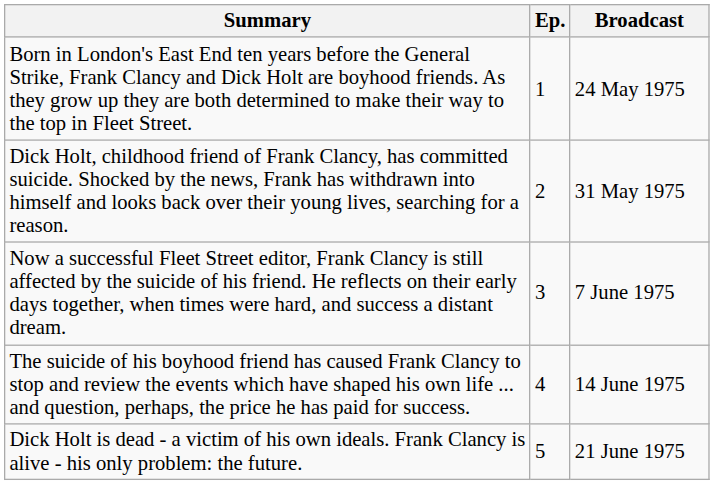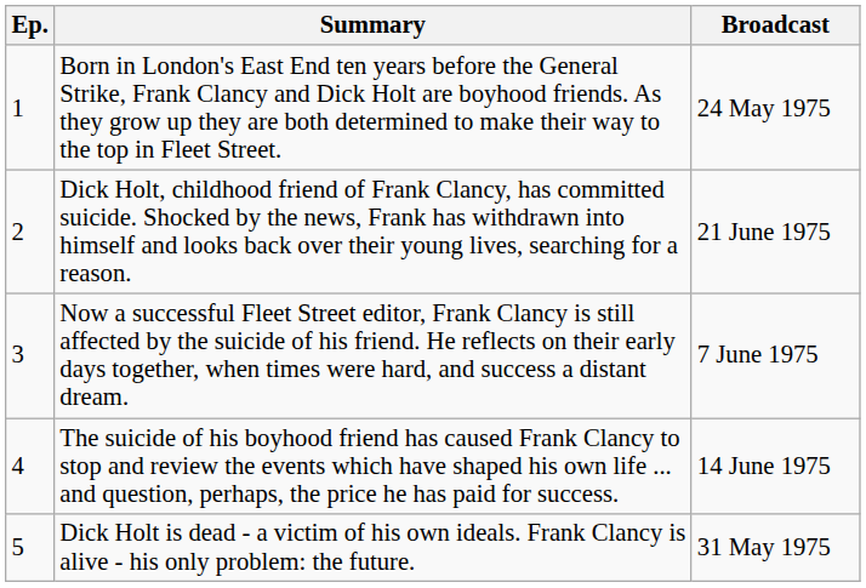 <table class="wikitable">
 <tr>
+<th scope="col" style="width: 15px;">Ep.</th>
 <th scope="col" style="width: 400px;">Summary</th>
-<th scope="col" style="width: 15px;">Ep.</th>
 <th scope="col" style="width: 100px;">Broadcast</th>
 </tr>
 <tr>
+<td>1</td>
 <td>Born in London's East End ten years before the General Strike, Frank Clancy and Dick Holt are boyhood friends. As they grow up they are both determined to make their way to the top in Fleet Street.</td>
-<td>1</td>
 <td>24 May 1975</td>
 </tr>
 <tr>
+<td>2</td>
 <td>Dick Holt, childhood friend of Frank Clancy, has committed suicide. Shocked by the news, Frank has withdrawn into himself and looks back over their young lives, searching for a reason.</td>
-<td>2</td>
-<td>31 May 1975</td>
+<td>21 June 1975</td>
 </tr>
 <tr>
+<td>3</td>
 <td>Now a successful Fleet Street editor, Frank Clancy is still affected by the suicide of his friend. He reflects on their early days together, when times were hard, and success a distant dream.</td>
-<td>3</td>
 <td>7 June 1975</td>
 </tr>
 <tr>
+<td>4</td>
 <td>The suicide of his boyhood friend has caused Frank Clancy to stop and review the events which have shaped his own life ... and question, perhaps, the price he has paid for success.</td>
-<td>4</td>
 <td>14 June 1975</td>
 </tr>
 <tr>
+<td>5</td>
 <td>Dick Holt is dead - a victim of his own ideals. Frank Clancy is alive - his only problem: the future.</td>
-<td>5</td>
-<td>21 June 1975</td>
+<td>31 May 1975</td>
 </tr>
 </table>
